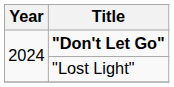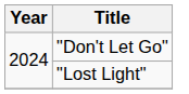 <table class="wikitable plainrowheaders" style="text-align:center;">
 <tr>
 <th rowspan="1" scope="col">Year</th>
 <th rowspan="1" scope="col">Title</th>
 </tr>
 <tr>
 <td rowspan="2">2024</td>
-<td align="left"><strong>"Don't Let Go"</strong></td>
+<td align="left">"Don't Let Go"</td>
 </tr>
 <tr>
 <td align="left">"Lost Light"</td>
 </tr>
 <tr>
 </tr>
 </table>
